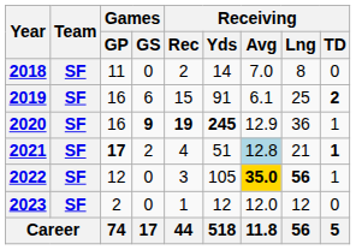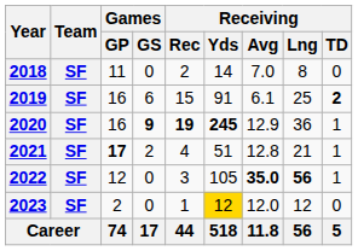 <table class="wikitable" style="text-align:center;">
 <tr>
 <th rowspan="2">Year</th>
 <th rowspan="2">Team</th>
 <th colspan="2">Games</th>
 <th colspan="5">Receiving</th>
 </tr>
 <tr>
 <th>GP</th>
 <th>GS</th>
 <th>Rec</th>
 <th>Yds</th>
 <th>Avg</th>
 <th>Lng</th>
 <th>TD</th>
 </tr>
 <tr>
 <th><a href='#'>2018</a></th>
 <th><a href='#'>SF</a></th>
 <td>11</td>
 <td>0</td>
 <td>2</td>
 <td>14</td>
 <td>7.0</td>
 <td>8</td>
 <td>0</td>
 </tr>
 <tr>
 <th><a href='#'>2019</a></th>
 <th><a href='#'>SF</a></th>
 <td>16</td>
 <td>6</td>
 <td>15</td>
 <td>91</td>
 <td>6.1</td>
 <td>25</td>
 <td><strong>2</strong></td>
 </tr>
 <tr>
 <th><a href='#'>2020</a></th>
 <th><a href='#'>SF</a></th>
 <td>16</td>
 <td><strong>9</strong></td>
 <td><strong>19</strong></td>
 <td><strong>245</strong></td>
 <td>12.9</td>
 <td>36</td>
 <td>1</td>
 </tr>
 <tr>
 <th><a href='#'>2021</a></th>
 <th><a href='#'>SF</a></th>
 <td><strong>17</strong></td>
 <td>2</td>
 <td>4</td>
 <td>51</td>
-<td style="background: lightblue;">12.8</td>
+<td>12.8</td>
 <td>21</td>
-<td><strong>1</strong></td>
+<td>1</td>
 </tr>
 <tr>
 <th><a href='#'>2022</a></th>
 <th><a href='#'>SF</a></th>
 <td>12</td>
 <td>0</td>
 <td>3</td>
 <td>105</td>
-<td style="background: gold;"><strong>35.0</strong></td>
+<td><strong>35.0</strong></td>
 <td><strong>56</strong></td>
 <td>1</td>
 </tr>
 <tr>
 <th><a href='#'>2023</a></th>
 <th><a href='#'>SF</a></th>
 <td>2</td>
 <td>0</td>
 <td>1</td>
-<td>12</td>
+<td style="background: gold;">12</td>
 <td>12.0</td>
 <td>12</td>
 <td>0</td>
 </tr>
 <tr>
 <th colspan="2">Career</th>
 <th>74</th>
 <th>17</th>
 <th>44</th>
 <th>518</th>
 <th>11.8</th>
 <th>56</th>
 <th>5</th>
 </tr>
 </table>
